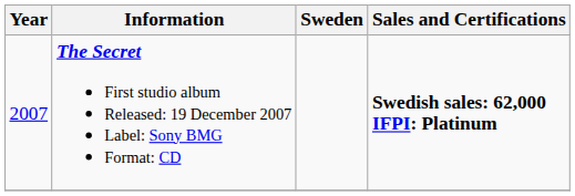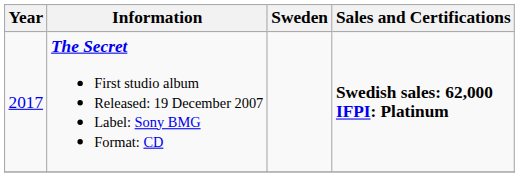 <table class="wikitable">
 <tr>
 <th align="center" rowspan="1">Year</th>
 <th align="center" rowspan="1">Information</th>
 <th align="center" rowspan="1">Sweden</th>
 <th align="center" rowspan="1">Sales and Certifications</th>
 </tr>
 <tr>
-<td><a href='#'>2007</a></td>
+<td><a href='#'>2017</a></td>
 <td><strong><em><a href='#'>The Secret</a></em></strong><br><ul><li><small>First studio album</small></li><li><small>Released: 19 December 2007</small></li><li><small>Label: <a href='#'>Sony BMG</a></small></li><li><small>Format: <a href='#'>CD</a></small></li></ul></td>
 <td></td>
 <td><strong>Swedish sales: 62,000<br><a href='#'>IFPI</a>: Platinum</strong></td>
 </tr>
 <tr>
 </tr>
 </table>
